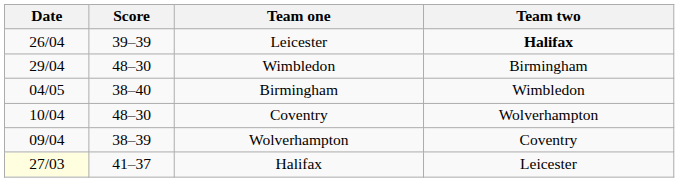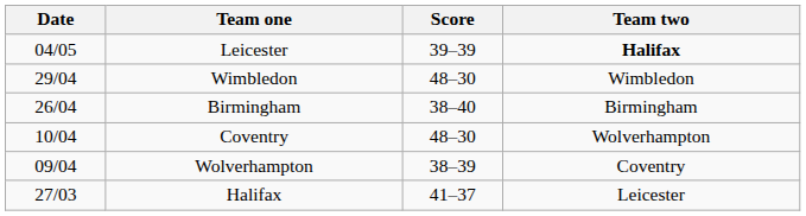 <table class="wikitable" style="text-align: center">
 <tr>
 <th width=80>Date</th>
+<th width=250>Team one</th>
 <th width=80>Score</th>
-<th width=250>Team one</th>
 <th width=250>Team two</th>
 </tr>
 <tr>
-<td>26/04</td>
+<td>04/05</td>
+<td>Leicester</td>
 <td>39–39</td>
-<td>Leicester</td>
 <td><strong>Halifax</strong></td>
 </tr>
 <tr>
 <td>29/04</td>
+<td>Wimbledon</td>
 <td>48–30</td>
 <td>Wimbledon</td>
+</tr>
+<tr>
+<td>26/04</td>
+<td>Birmingham</td>
+<td>38–40</td>
 <td>Birmingham</td>
 </tr>
 <tr>
-<td>04/05</td>
-<td>38–40</td>
-<td>Birmingham</td>
-<td>Wimbledon</td>
-</tr>
-<tr>
 <td>10/04</td>
+<td>Coventry</td>
 <td>48–30</td>
-<td>Coventry</td>
 <td>Wolverhampton</td>
 </tr>
 <tr>
 <td>09/04</td>
+<td>Wolverhampton</td>
 <td>38–39</td>
-<td>Wolverhampton</td>
 <td>Coventry</td>
 </tr>
 <tr>
-<td style="background: lightyellow;">27/03</td>
+<td>27/03</td>
+<td>Halifax</td>
 <td>41–37</td>
-<td>Halifax</td>
 <td>Leicester</td>
 </tr>
 </table>
